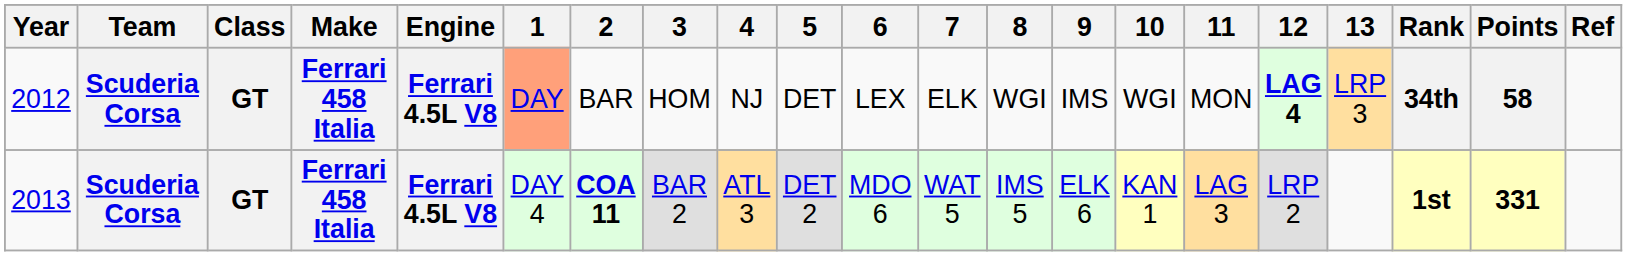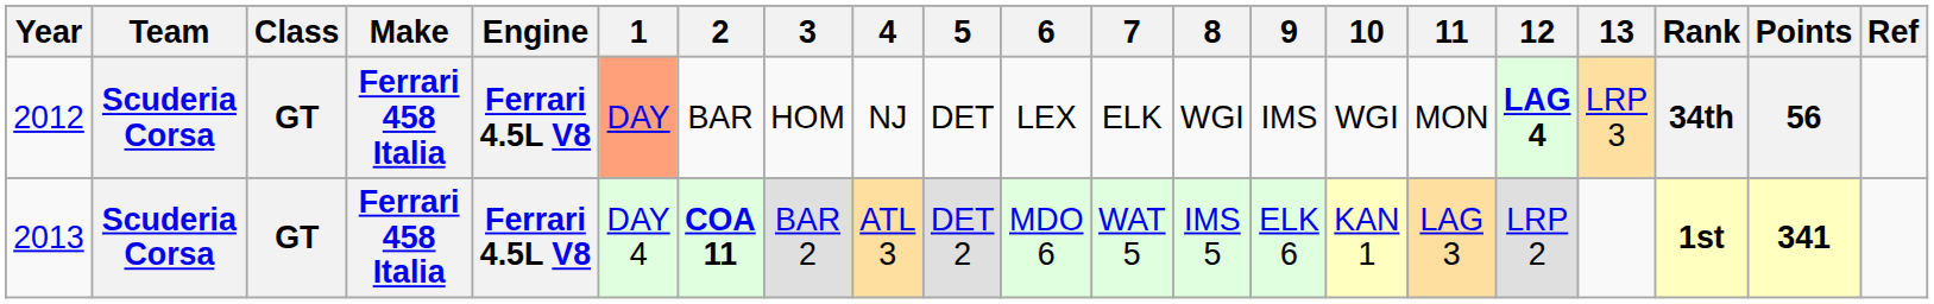 <table class="wikitable" style="text-align:center; font-size:90%">
 <tr>
 <th>Year</th>
 <th>Team</th>
 <th>Class</th>
 <th>Make</th>
 <th>Engine</th>
 <th>1</th>
 <th>2</th>
 <th>3</th>
 <th>4</th>
 <th>5</th>
 <th>6</th>
 <th>7</th>
 <th>8</th>
 <th>9</th>
 <th>10</th>
 <th>11</th>
 <th>12</th>
 <th>13</th>
 <th>Rank</th>
 <th>Points</th>
 <th>Ref</th>
 </tr>
 <tr>
 <td><a href='#'>2012</a></td>
 <th><a href='#'>Scuderia Corsa</a></th>
 <th>GT</th>
 <th><a href='#'>Ferrari 458 Italia</a></th>
 <th><a href='#'>Ferrari</a> 4.5L <a href='#'>V8</a></th>
 <td style="background: lightsalmon;"><a href='#'>DAY</a></td>
 <td>BAR</td>
 <td>HOM</td>
 <td>NJ</td>
 <td>DET</td>
 <td>LEX</td>
 <td>ELK</td>
 <td>WGI</td>
 <td>IMS</td>
 <td>WGI</td>
 <td>MON</td>
 <td style="background:#DFFFDF;"><strong><a href='#'>LAG</a><br>4</strong></td>
 <td style="background:#FFDF9F;”"><a href='#'>LRP</a><br>3</td>
 <th>34th</th>
-<th>58</th>
+<th>56</th>
 <td></td>
 </tr>
 <tr>
 <td><a href='#'>2013</a></td>
 <th><a href='#'>Scuderia Corsa</a></th>
 <th>GT</th>
 <th><a href='#'>Ferrari 458 Italia</a></th>
 <th><a href='#'>Ferrari</a> 4.5L <a href='#'>V8</a></th>
 <td style="background:#DFFFDF;"><a href='#'>DAY</a><br>4</td>
 <td style="background:#DFFFDF;"><strong><a href='#'>COA</a><br>11</strong></td>
 <td style="background:#DFDFDF;”"><a href='#'>BAR</a><br>2</td>
 <td style="background:#FFDF9F;”"><a href='#'>ATL</a><br>3</td>
 <td style="background:#DFDFDF;”"><a href='#'>DET</a><br>2</td>
 <td style="background:#DFFFDF;"><a href='#'>MDO</a><br>6</td>
 <td style="background:#DFFFDF;"><a href='#'>WAT</a><br>5</td>
 <td style="background:#DFFFDF;"><a href='#'>IMS</a><br>5</td>
 <td style="background:#DFFFDF;"><a href='#'>ELK</a><br>6</td>
 <td style="background:#FFFFBF;”"><a href='#'>KAN</a><br>1</td>
 <td style="background:#FFDF9F;”"><a href='#'>LAG</a><br>3</td>
 <td style="background:#DFDFDF;”"><a href='#'>LRP</a><br>2</td>
 <td></td>
 <th style="background:#FFFFBF;”">1st</th>
-<th style="background:#FFFFBF;”">331</th>
+<th style="background:#FFFFBF;”">341</th>
 <td></td>
 </tr>
 </table>
